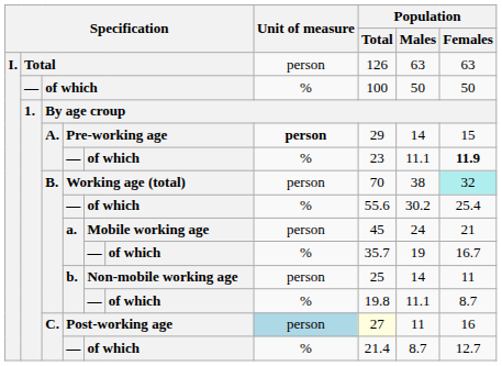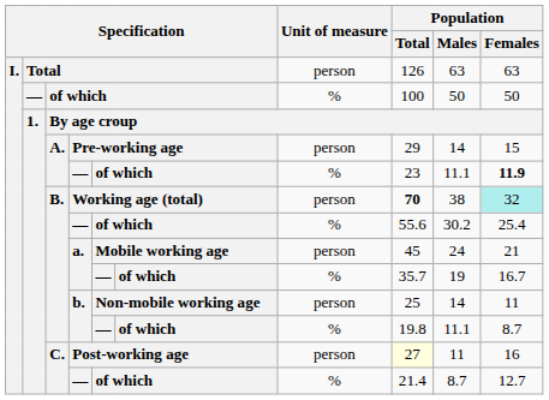 <table class="wikitable" style="font-size:85%; text-align:center">
 <tr>
 <th rowspan="2" colspan="6">Specification</th>
 <th rowspan="2">Unit of measure</th>
 <th colspan="3" rowspan="1">Population</th>
 </tr>
 <tr>
 <th>Total</th>
 <th>Males</th>
 <th>Females</th>
 </tr>
 <tr>
 <th style="text-align:left" valign="top" rowspan="13">I.</th>
 <th style="text-align:left" colspan="5">Total</th>
 <td>person</td>
 <td>126</td>
 <td>63</td>
 <td>63</td>
 </tr>
 <tr>
 <th style="text-align:left" valign="top">—</th>
 <th style="text-align:left" colspan="4">of which</th>
 <td>%</td>
 <td>100</td>
 <td>50</td>
 <td>50</td>
 </tr>
 <tr>
 <th style="text-align:left" valign="top" rowspan="11">1.</th>
 <th style="text-align:left" colspan="19">By age croup</th>
 </tr>
 <tr>
 <th style="text-align:left" valign="top" rowspan="2">A.</th>
 <th style="text-align:left" colspan="3">Pre-working age</th>
-<td><strong>person</strong></td>
+<td>person</td>
 <td>29</td>
 <td>14</td>
 <td>15</td>
 </tr>
 <tr>
 <th style="text-align:left" valign="top">—</th>
 <th style="text-align:left" valign="top" colspan="2">of which</th>
 <td>%</td>
 <td>23</td>
 <td>11.1</td>
 <td><strong>11.9</strong></td>
 </tr>
 <tr>
 <th style="text-align:left" valign="top" rowspan="6">B.</th>
 <th style="text-align:left" colspan="3">Working age (total)</th>
 <td>person</td>
-<td>70</td>
+<td><strong>70</strong></td>
 <td>38</td>
 <td style="background: paleturquoise;">32</td>
 </tr>
 <tr>
 <th style="text-align:left" valign="top">—</th>
 <th style="text-align:left" valign="top" colspan="2">of which</th>
 <td>%</td>
 <td>55.6</td>
 <td>30.2</td>
 <td>25.4</td>
 </tr>
 <tr>
 <th style="text-align:left" valign="top" rowspan="2">a.</th>
 <th style="text-align:left" colspan="2">Mobile working age</th>
 <td>person</td>
 <td>45</td>
 <td>24</td>
 <td>21</td>
 </tr>
 <tr>
 <th style="text-align:left" valign="top">—</th>
 <th style="text-align:left" valign="top" colspan="1">of which                        </th>
 <td>%</td>
 <td>35.7</td>
 <td>19</td>
 <td>16.7</td>
 </tr>
 <tr>
 <th style="text-align:left" valign="top" rowspan="2">b.</th>
 <th style="text-align:left" colspan="2">Non-mobile working age</th>
 <td>person</td>
 <td>25</td>
 <td>14</td>
 <td>11</td>
 </tr>
 <tr>
 <th style="text-align:left" valign="top">—</th>
 <th style="text-align:left" valign="top" colspan="1">of which                         </th>
 <td>%</td>
 <td>19.8</td>
 <td>11.1</td>
 <td>8.7</td>
 </tr>
 <tr>
 <th style="text-align:left" valign="top" rowspan="2">C.</th>
 <th style="text-align:left" colspan="3">Post-working age</th>
-<td style="background: lightblue;">person</td>
+<td>person</td>
 <td style="background: lightyellow;">27</td>
 <td>11</td>
 <td>16</td>
 </tr>
 <tr>
 <th style="text-align:left" valign="top">—</th>
 <th style="text-align:left" valign="top" colspan="2">of which</th>
 <td>%</td>
 <td>21.4</td>
 <td>8.7</td>
 <td>12.7</td>
 </tr>
 </table>
